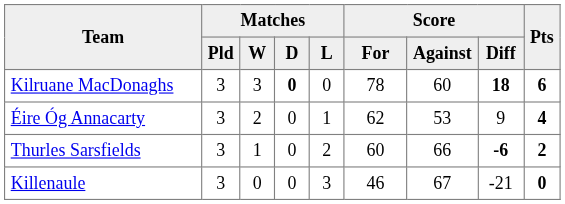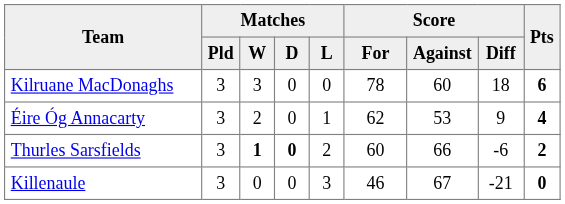 <table style=border-collapse:collapse border=1 cellspacing=0 cellpadding=5>
 <tr align=center bgcolor=#efefef>
 <th rowspan=2 width=165>Team</th>
 <th colspan=4>Matches</th>
 <th colspan=3>Score</th>
 <th rowspan=2width=20>Pts</th>
 </tr>
 <tr align=center bgcolor=#efefef>
 <th width=20>Pld</th>
 <th width=20>W</th>
 <th width=20>D</th>
 <th width=20>L</th>
 <th width=45>For</th>
 <th width=45>Against</th>
 <th width=30>Diff</th>
 </tr>
 <tr align=center>
 <td style="text-align:left;"><a href='#'>Kilruane MacDonaghs</a></td>
 <td>3</td>
 <td>3</td>
-<td><strong>0</strong></td>
+<td>0</td>
 <td>0</td>
 <td>78</td>
 <td>60</td>
-<td><strong>18</strong></td>
+<td>18</td>
 <td><strong>6</strong></td>
 </tr>
 <tr align=center>
 <td style="text-align:left;"><a href='#'>Éire Óg Annacarty</a></td>
 <td>3</td>
 <td>2</td>
 <td>0</td>
 <td>1</td>
 <td>62</td>
 <td>53</td>
 <td>9</td>
 <td><strong>4</strong></td>
 </tr>
 <tr align=center>
 <td style="text-align:left;"><a href='#'>Thurles Sarsfields</a></td>
 <td>3</td>
-<td>1</td>
-<td>0</td>
+<td><strong>1</strong></td>
+<td><strong>0</strong></td>
 <td>2</td>
 <td>60</td>
 <td>66</td>
-<td><strong>-6</strong></td>
+<td>-6</td>
 <td><strong>2</strong></td>
 </tr>
 <tr align=center>
 <td style="text-align:left;"><a href='#'>Killenaule</a></td>
 <td>3</td>
 <td>0</td>
 <td>0</td>
 <td>3</td>
 <td>46</td>
 <td>67</td>
 <td>-21</td>
 <td><strong>0</strong></td>
 </tr>
 </table>
